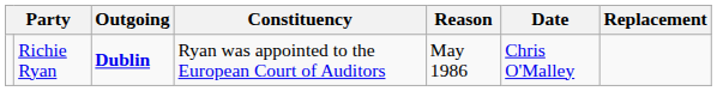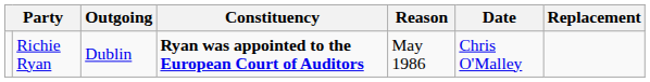 <table class="wikitable">
 <tr>
 <th colspan=2>Party</th>
 <th>Outgoing</th>
 <th>Constituency</th>
 <th>Reason</th>
 <th>Date</th>
 <th>Replacement</th>
 </tr>
 <tr>
 <td></td>
 <td><a href='#'>Richie Ryan</a></td>
-<td><strong><a href='#'>Dublin</a></strong></td>
-<td>Ryan was appointed to the <a href='#'>European Court of Auditors</a></td>
+<td><a href='#'>Dublin</a></td>
+<td><strong>Ryan was appointed to the <a href='#'>European Court of Auditors</a></strong></td>
 <td>May 1986</td>
 <td><a href='#'>Chris O'Malley</a></td>
 </tr>
 </table>
